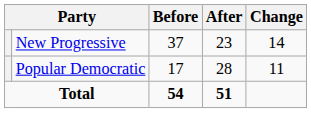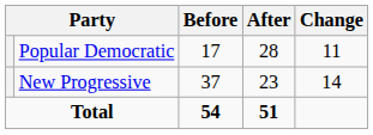 <table class="wikitable" style="text-align:center;">
 <tr>
 </tr>
 <tr>
 <th colspan=2>Party</th>
 <th>Before</th>
 <th>After</th>
 <th>Change</th>
 </tr>
 <tr>
 <th style="background-color:"></th>
+<td style="text-align:left;"><a href='#'>Popular Democratic</a></td>
+<td>17</td>
+<td>28</td>
+<td> 11</td>
+</tr>
+<tr>
+<th style="background-color:"></th>
 <td style="text-align:left;"><a href='#'>New Progressive</a></td>
 <td>37</td>
 <td>23</td>
 <td> 14</td>
-</tr>
-<tr>
-<th style="background-color:"></th>
-<td style="text-align:left;"><a href='#'>Popular Democratic</a></td>
-<td>17</td>
-<td>28</td>
-<td> 11</td>
 </tr>
 <tr>
 <td colspan=2><strong>Total</strong></td>
 <td><strong>54</strong></td>
 <td><strong>51</strong></td>
 <td></td>
 </tr>
 </table>
